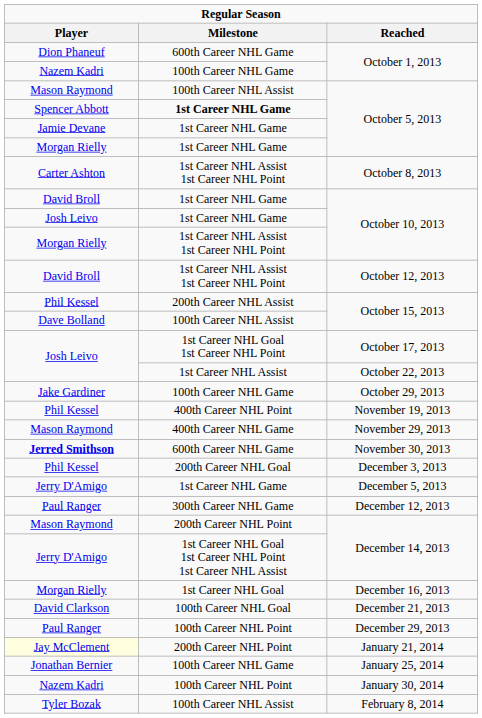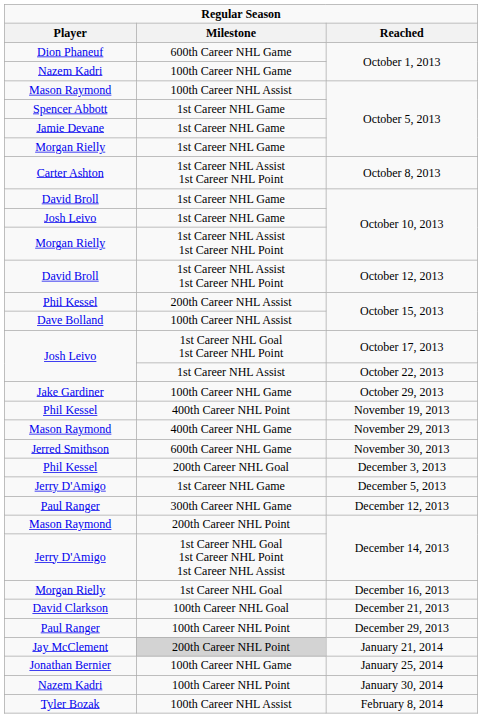 <table class="wikitable" style="width:50%; text-align:center;">
 <tr>
 <td colspan="10" style="text-align:center;"><strong>Regular Season</strong></td>
 </tr>
 <tr>
 <th>Player</th>
 <th>Milestone</th>
 <th>Reached</th>
 </tr>
 <tr>
 <td><a href='#'>Dion Phaneuf</a></td>
 <td>600th Career NHL Game</td>
 <td rowspan="2" align=center>October 1, 2013</td>
 </tr>
 <tr>
 <td><a href='#'>Nazem Kadri</a></td>
 <td>100th Career NHL Game</td>
 </tr>
 <tr>
 <td><a href='#'>Mason Raymond</a></td>
 <td>100th Career NHL Assist</td>
 <td rowspan="4" align=center>October 5, 2013</td>
 </tr>
 <tr>
 <td><a href='#'>Spencer Abbott</a></td>
-<td><strong>1st Career NHL Game</strong></td>
+<td>1st Career NHL Game</td>
 </tr>
 <tr>
 <td><a href='#'>Jamie Devane</a></td>
 <td>1st Career NHL Game</td>
 </tr>
 <tr>
 <td><a href='#'>Morgan Rielly</a></td>
 <td>1st Career NHL Game</td>
 </tr>
 <tr>
 <td><a href='#'>Carter Ashton</a></td>
 <td>1st Career NHL Assist<br>1st Career NHL Point</td>
 <td>October 8, 2013</td>
 </tr>
 <tr>
 <td><a href='#'>David Broll</a></td>
 <td>1st Career NHL Game</td>
 <td rowspan="3" align=center>October 10, 2013</td>
 </tr>
 <tr>
 <td><a href='#'>Josh Leivo</a></td>
 <td>1st Career NHL Game</td>
 </tr>
 <tr>
 <td><a href='#'>Morgan Rielly</a></td>
 <td>1st Career NHL Assist<br>1st Career NHL Point</td>
 </tr>
 <tr>
 <td><a href='#'>David Broll</a></td>
 <td>1st Career NHL Assist<br>1st Career NHL Point</td>
 <td>October 12, 2013</td>
 </tr>
 <tr>
 <td><a href='#'>Phil Kessel</a></td>
 <td>200th Career NHL Assist</td>
 <td rowspan="2" align=center>October 15, 2013</td>
 </tr>
 <tr>
 <td><a href='#'>Dave Bolland</a></td>
 <td>100th Career NHL Assist</td>
 </tr>
 <tr>
 <td rowspan="2" align=center><a href='#'>Josh Leivo</a></td>
 <td>1st Career NHL Goal<br>1st Career NHL Point</td>
 <td>October 17, 2013</td>
 </tr>
 <tr>
 <td>1st Career NHL Assist</td>
 <td>October 22, 2013</td>
 </tr>
 <tr>
 <td><a href='#'>Jake Gardiner</a></td>
 <td>100th Career NHL Game</td>
 <td>October 29, 2013</td>
 </tr>
 <tr>
 <td><a href='#'>Phil Kessel</a></td>
 <td>400th Career NHL Point</td>
 <td>November 19, 2013</td>
 </tr>
 <tr>
 <td><a href='#'>Mason Raymond</a></td>
 <td>400th Career NHL Game</td>
 <td>November 29, 2013</td>
 </tr>
 <tr>
-<td><strong><a href='#'>Jerred Smithson</a></strong></td>
+<td><a href='#'>Jerred Smithson</a></td>
 <td>600th Career NHL Game</td>
 <td>November 30, 2013</td>
 </tr>
 <tr>
 <td><a href='#'>Phil Kessel</a></td>
 <td>200th Career NHL Goal</td>
 <td>December 3, 2013</td>
 </tr>
 <tr>
 <td><a href='#'>Jerry D'Amigo</a></td>
 <td>1st Career NHL Game</td>
 <td>December 5, 2013</td>
 </tr>
 <tr>
 <td><a href='#'>Paul Ranger</a></td>
 <td>300th Career NHL Game</td>
 <td>December 12, 2013</td>
 </tr>
 <tr>
 <td><a href='#'>Mason Raymond</a></td>
 <td>200th Career NHL Point</td>
 <td rowspan="2" align=center>December 14, 2013</td>
 </tr>
 <tr>
 <td><a href='#'>Jerry D'Amigo</a></td>
 <td>1st Career NHL Goal<br>1st Career NHL Point<br>1st Career NHL Assist</td>
 </tr>
 <tr>
 <td><a href='#'>Morgan Rielly</a></td>
 <td>1st Career NHL Goal</td>
 <td>December 16, 2013</td>
 </tr>
 <tr>
 <td><a href='#'>David Clarkson</a></td>
 <td>100th Career NHL Goal</td>
 <td>December 21, 2013</td>
 </tr>
 <tr>
 <td><a href='#'>Paul Ranger</a></td>
 <td>100th Career NHL Point</td>
 <td>December 29, 2013</td>
 </tr>
 <tr>
-<td style="background: lightyellow;"><a href='#'>Jay McClement</a></td>
-<td>200th Career NHL Point</td>
+<td><a href='#'>Jay McClement</a></td>
+<td style="background: lightgrey;">200th Career NHL Point</td>
 <td>January 21, 2014</td>
 </tr>
 <tr>
 <td><a href='#'>Jonathan Bernier</a></td>
 <td>100th Career NHL Game</td>
 <td>January 25, 2014</td>
 </tr>
 <tr>
 <td><a href='#'>Nazem Kadri</a></td>
 <td>100th Career NHL Point</td>
 <td>January 30, 2014</td>
 </tr>
 <tr>
 <td><a href='#'>Tyler Bozak</a></td>
 <td>100th Career NHL Assist</td>
 <td>February 8, 2014</td>
 </tr>
 </table>
